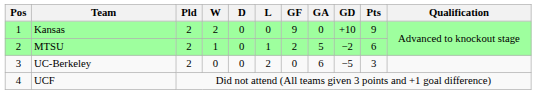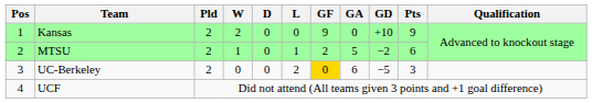 <table class="wikitable" style="text-align:center; margin: 1em auto">
 <tr>
 <th style="width:2em">Pos</th>
 <th style="width:13em">Team</th>
 <th style="width:2em">Pld</th>
 <th style="width:2em">W</th>
 <th style="width:2em">D</th>
 <th style="width:2em">L</th>
 <th style="width:2em">GF</th>
 <th style="width:2em">GA</th>
 <th style="width:2em">GD</th>
 <th style="width:2em">Pts</th>
 <th style="width:13em">Qualification</th>
 </tr>
 <tr bgcolor="#9eff9e">
 <td>1</td>
 <td style="text-align:left">Kansas</td>
 <td>2</td>
 <td>2</td>
 <td>0</td>
 <td>0</td>
 <td>9</td>
 <td>0</td>
 <td>+10</td>
 <td>9</td>
 <td rowspan="2">Advanced to knockout stage</td>
 </tr>
 <tr bgcolor="#9eff9e">
 <td>2</td>
 <td style="text-align:left">MTSU</td>
 <td>2</td>
 <td>1</td>
 <td>0</td>
 <td>1</td>
 <td>2</td>
 <td>5</td>
 <td>−2</td>
 <td>6</td>
 </tr>
 <tr>
 <td>3</td>
 <td style="text-align:left">UC-Berkeley</td>
 <td>2</td>
 <td>0</td>
 <td>0</td>
 <td>2</td>
-<td>0</td>
+<td style="background: gold;">0</td>
 <td>6</td>
 <td>−5</td>
 <td>3</td>
 <td></td>
 </tr>
 <tr>
 <td>4</td>
 <td style="text-align:left">UCF</td>
 <td colspan="9">Did not attend (All teams given 3 points and +1 goal difference)</td>
 </tr>
 </table>
